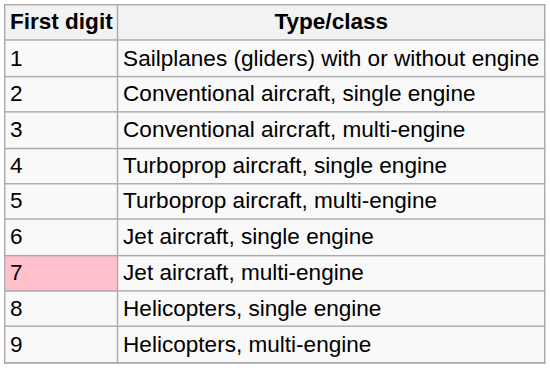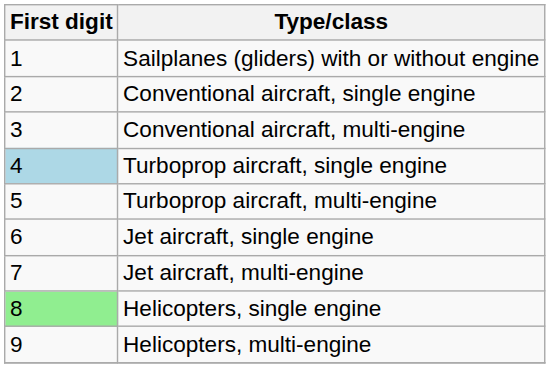 <table class="wikitable">
 <tr>
 <th style="text-align: center;">First digit</th>
 <th style="text-align: center;">Type/class</th>
 </tr>
 <tr>
 <td>1</td>
 <td>Sailplanes (gliders) with or without engine</td>
 </tr>
 <tr>
 <td>2</td>
 <td>Conventional aircraft, single engine</td>
 </tr>
 <tr>
 <td>3</td>
 <td>Conventional aircraft, multi-engine</td>
 </tr>
 <tr>
-<td>4</td>
+<td style="background: lightblue;">4</td>
 <td>Turboprop aircraft, single engine</td>
 </tr>
 <tr>
 <td>5</td>
 <td>Turboprop aircraft, multi-engine</td>
 </tr>
 <tr>
 <td>6</td>
 <td>Jet aircraft, single engine</td>
 </tr>
 <tr>
-<td style="background: pink;">7</td>
+<td>7</td>
 <td>Jet aircraft, multi-engine</td>
 </tr>
 <tr>
-<td>8</td>
+<td style="background: lightgreen;">8</td>
 <td>Helicopters, single engine</td>
 </tr>
 <tr>
 <td>9</td>
 <td>Helicopters, multi-engine</td>
 </tr>
 <tr>
 </tr>
 </table>
